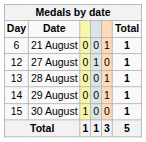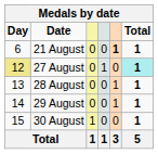 <table class="wikitable" style="font-size:85%; text-align:center;">
 <tr style="background:#efefef;">
 <th colspan=6><strong>Medals by date</strong></th>
 </tr>
 <tr>
 <td><strong>Day</strong></td>
 <td><strong>Date</strong></td>
 <td style="background:#F7F6A8;"></td>
 <td style="background:#DCE5E5;"></td>
 <td style="background:#FFDAB9;"></td>
 <td><strong>Total</strong></td>
 </tr>
 <tr>
 <td>6</td>
 <td>21 August</td>
 <td style="background:#F7F6A8;">0</td>
 <td style="background:#DCE5E5;">0</td>
-<td style="background:#FFDAB9;">1</td>
+<td style="background:#FFDAB9;"><strong>1</strong></td>
 <td><strong>1</strong></td>
 </tr>
 <tr>
-<td>12</td>
+<td style="background: khaki;">12</td>
 <td>27 August</td>
 <td style="background:#F7F6A8;">0</td>
 <td style="background:#DCE5E5;">1</td>
 <td style="background:#FFDAB9;">0</td>
-<td><strong>1</strong></td>
+<td style="background: paleturquoise;"><strong>1</strong></td>
 </tr>
 <tr>
 <td>13</td>
 <td>28 August</td>
 <td style="background:#F7F6A8;">0</td>
 <td style="background:#DCE5E5;">0</td>
 <td style="background:#FFDAB9;">1</td>
 <td><strong>1</strong></td>
 </tr>
 <tr>
 <td>14</td>
 <td>29 August</td>
 <td style="background:#F7F6A8;">0</td>
 <td style="background:#DCE5E5;">0</td>
 <td style="background:#FFDAB9;">1</td>
 <td><strong>1</strong></td>
 </tr>
 <tr>
 <td>15</td>
 <td>30 August</td>
 <td style="background:#F7F6A8;">1</td>
 <td style="background:#DCE5E5;">0</td>
 <td style="background:#FFDAB9;">0</td>
 <td><strong>1</strong></td>
 </tr>
 <tr>
 <th colspan="2">Total</th>
 <th>1</th>
 <th>1</th>
 <th>3</th>
 <th>5</th>
 </tr>
 </table>
